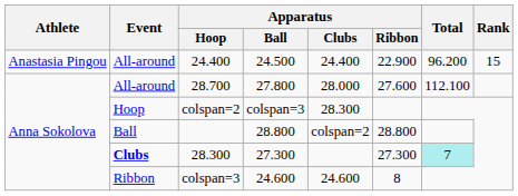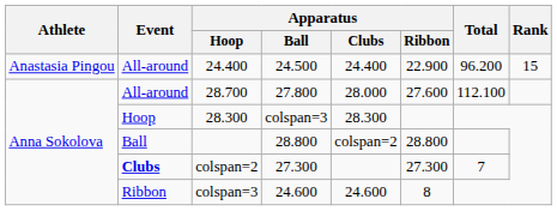 <table class=wikitable style="font-size:90%">
 <tr>
 <th rowspan=2>Athlete</th>
 <th rowspan=2>Event</th>
 <th colspan=4>Apparatus</th>
 <th rowspan=2>Total</th>
 <th rowspan=2>Rank</th>
 </tr>
 <tr style="font-size:95%;">
 <th>Hoop</th>
 <th>Ball</th>
 <th>Clubs</th>
 <th>Ribbon</th>
 </tr>
 <tr align=center>
 <td align=left><a href='#'>Anastasia Pingou</a></td>
 <td align=left><a href='#'>All-around</a></td>
 <td>24.400</td>
 <td>24.500</td>
 <td>24.400</td>
 <td>22.900</td>
 <td>96.200</td>
 <td>15</td>
 </tr>
 <tr align=center>
 <td align=left rowspan=5><a href='#'>Anna Sokolova</a></td>
 <td align=left><a href='#'>All-around</a></td>
 <td>28.700</td>
 <td>27.800</td>
 <td>28.000</td>
 <td>27.600</td>
 <td>112.100</td>
 <td></td>
 </tr>
 <tr align=center>
 <td align=left><a href='#'>Hoop</a></td>
-<td>colspan=2 </td>
+<td>28.300</td>
 <td>colspan=3 </td>
 <td>28.300</td>
 <td></td>
 </tr>
 <tr align=center>
 <td align=left><a href='#'>Ball</a></td>
 <td></td>
 <td>28.800</td>
 <td>colspan=2 </td>
 <td>28.800</td>
 <td></td>
 </tr>
 <tr align=center>
 <td align=left><strong><a href='#'>Clubs</a></strong></td>
-<td>28.300</td>
+<td>colspan=2 </td>
 <td>27.300</td>
 <td></td>
 <td>27.300</td>
-<td style="background: paleturquoise;">7</td>
+<td>7</td>
 </tr>
 <tr align=center>
 <td align=left><a href='#'>Ribbon</a></td>
 <td>colspan=3 </td>
 <td>24.600</td>
 <td>24.600</td>
 <td>8</td>
 </tr>
 </table>
